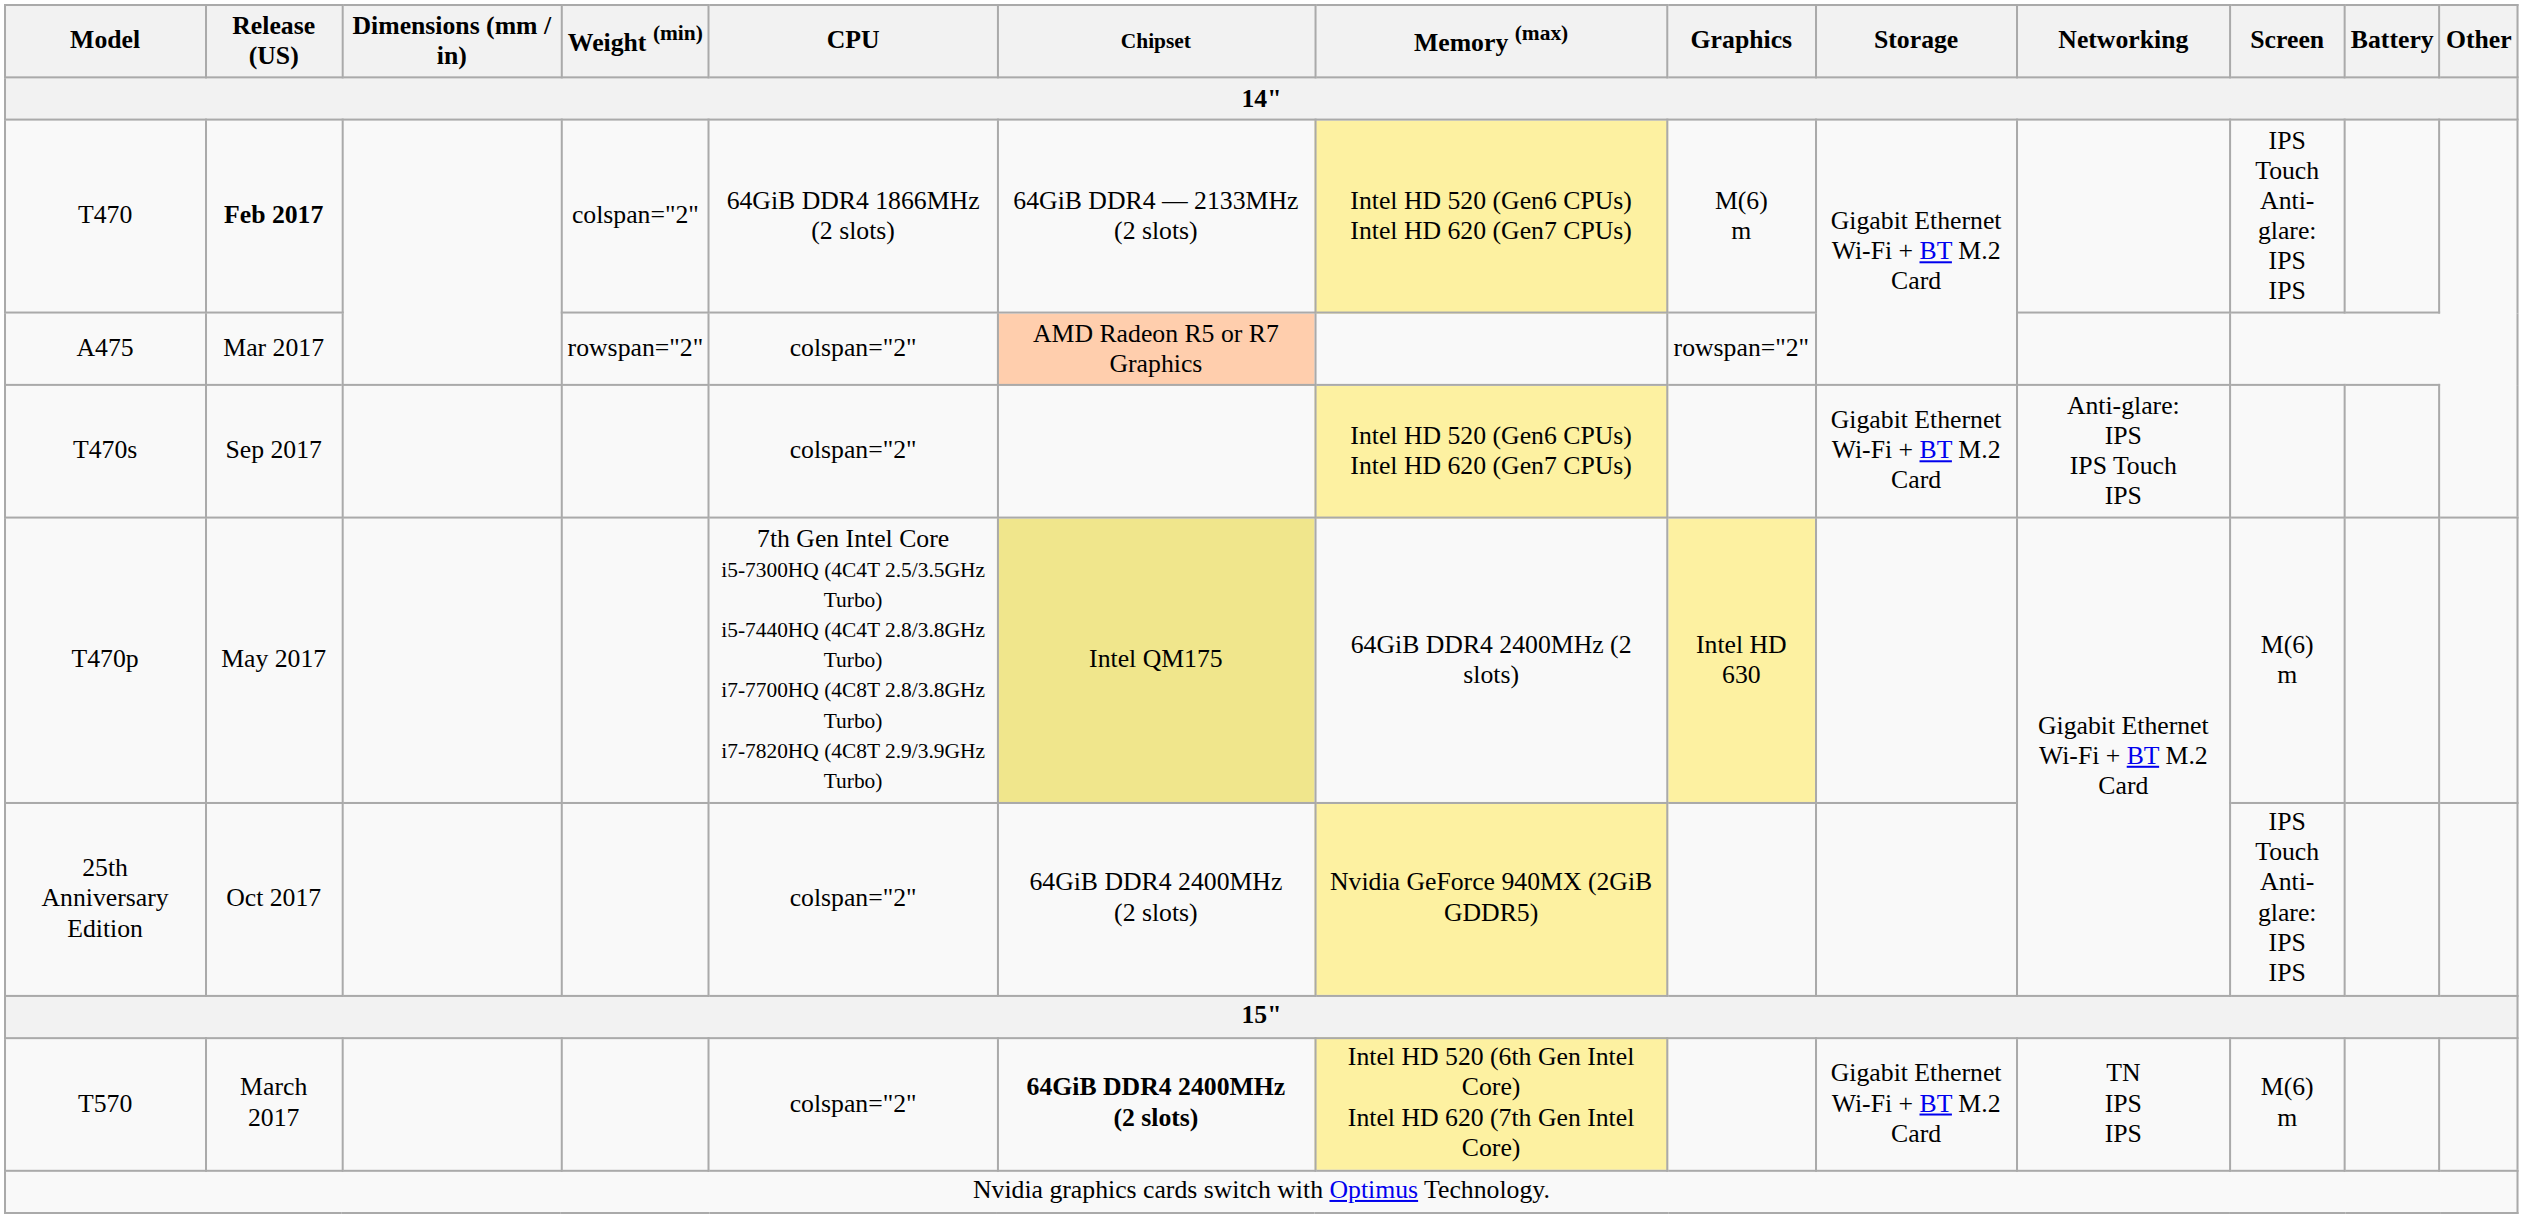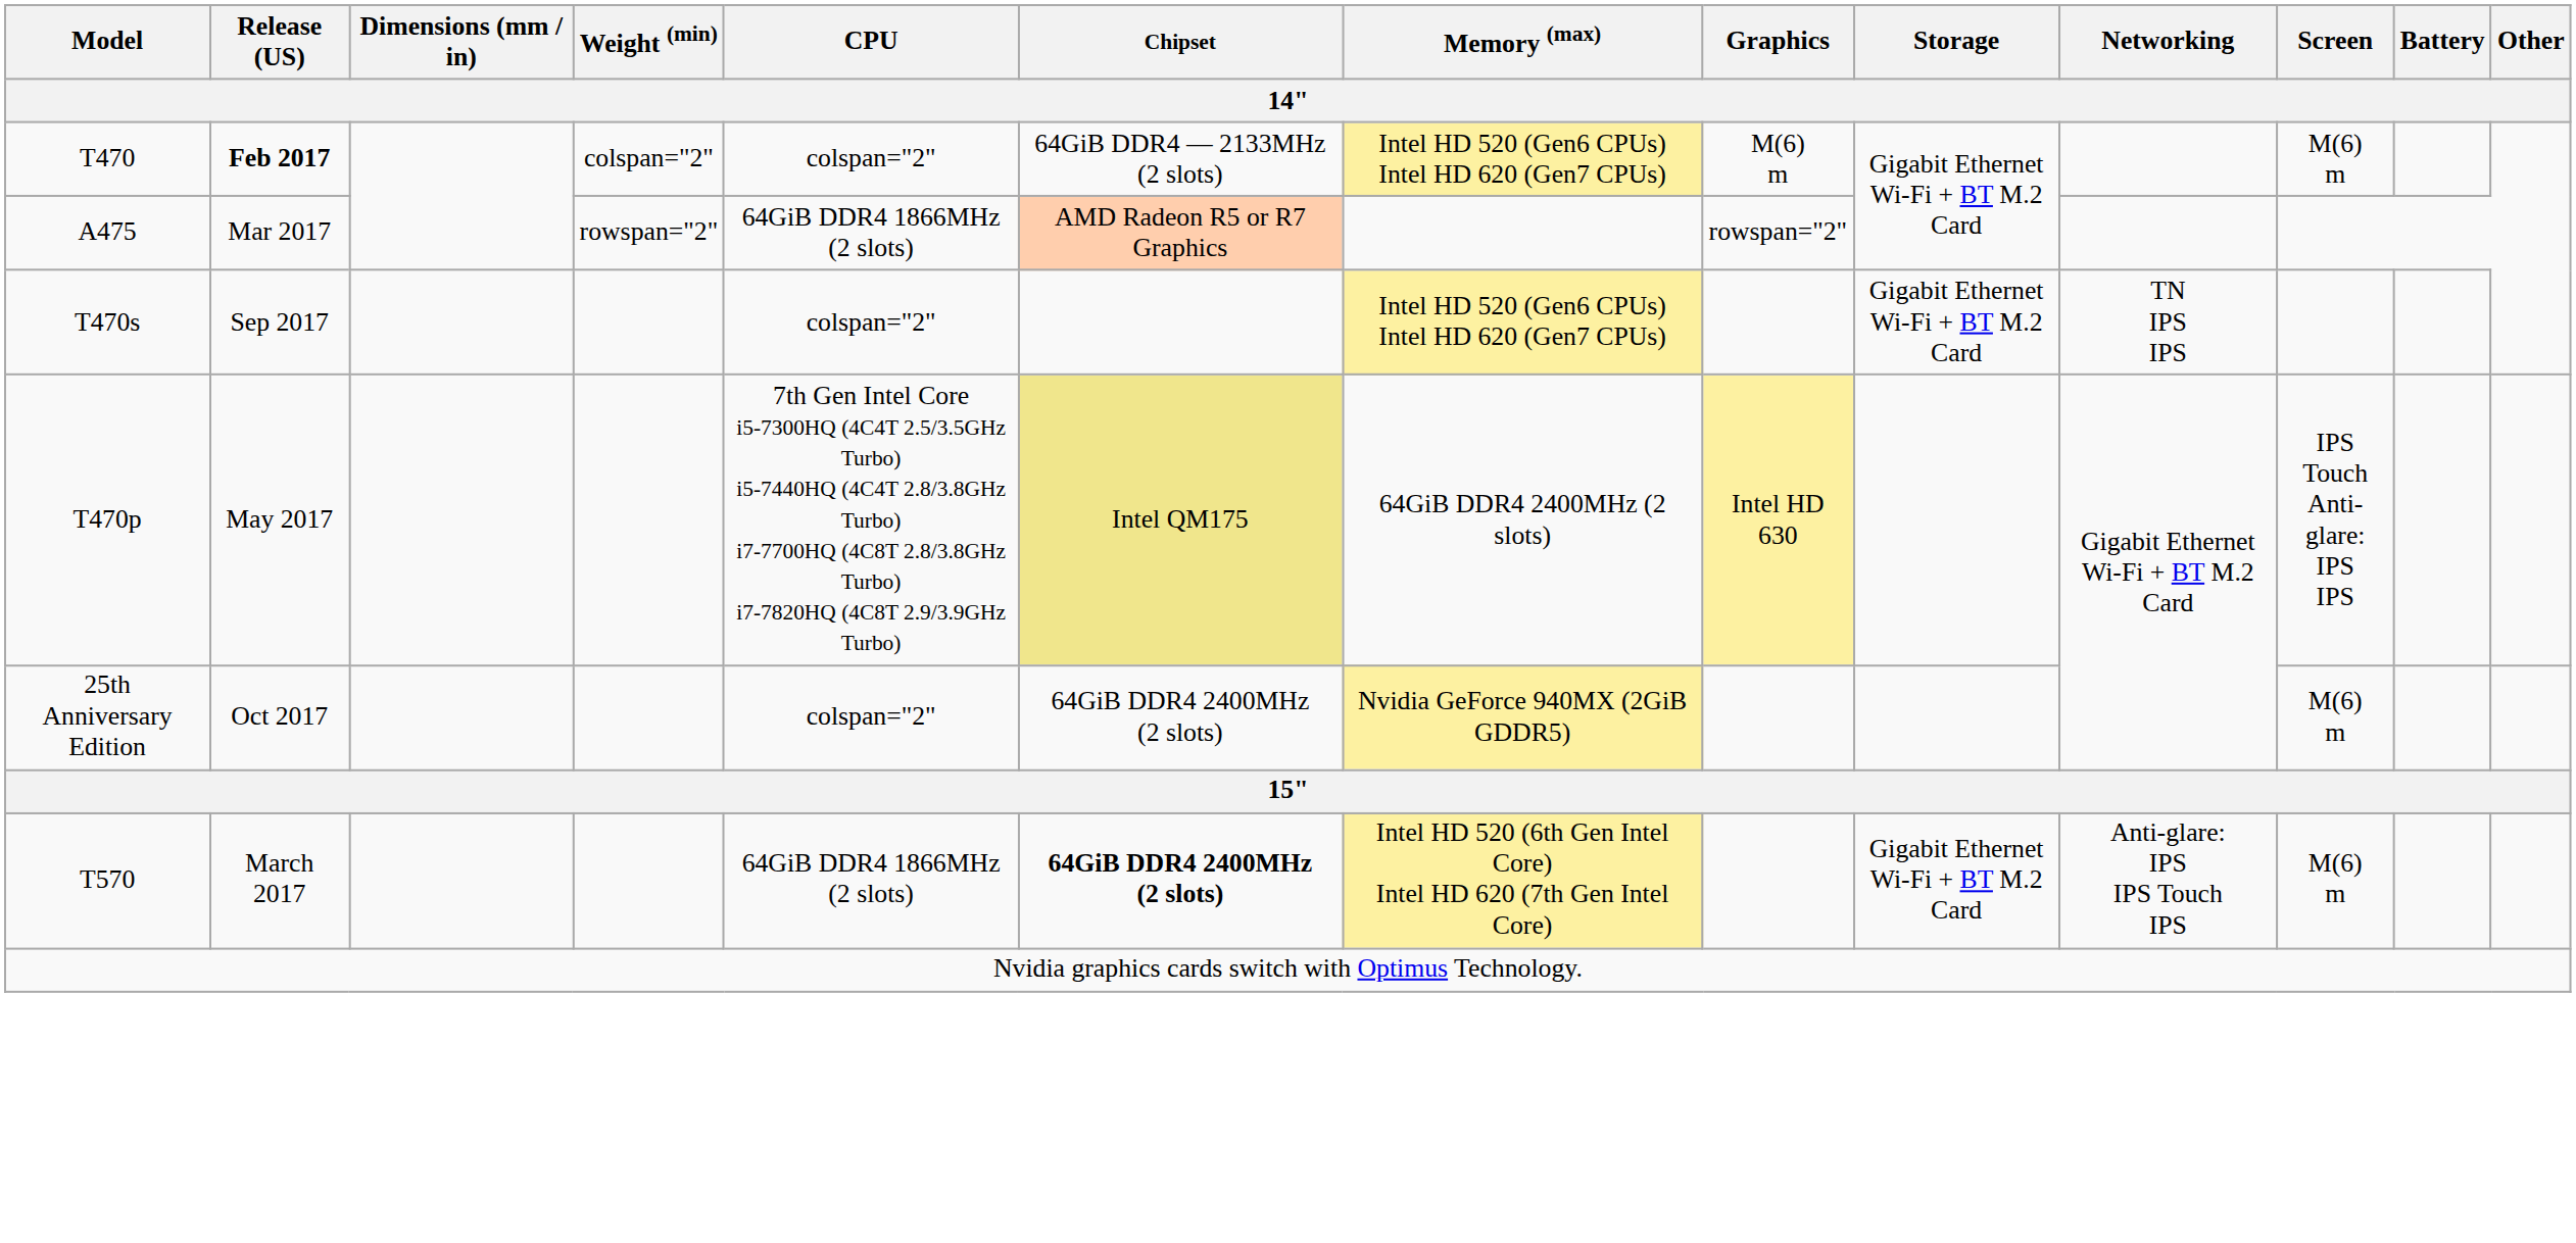 <table class="wikitable" style="font-size: 80%; text-align: center; min-width: 80%;">
 <tr>
 <th>Model</th>
 <th>Release (US)</th>
 <th>Dimensions (mm / in)</th>
 <th>Weight <sup>(min)</sup></th>
 <th>CPU</th>
 <th><small>Chipset</small></th>
 <th>Memory <sup>(max)</sup></th>
 <th>Graphics</th>
 <th>Storage</th>
 <th>Networking</th>
 <th>Screen</th>
 <th>Battery</th>
 <th>Other</th>
 </tr>
 <tr>
 <th colspan="13">14"</th>
 </tr>
 <tr>
 <td>T470</td>
 <td><strong>Feb 2017</strong></td>
 <td rowspan="2"></td>
 <td>colspan="2" </td>
-<td style="background:">64GiB DDR4 1866MHz<br> (2 slots)</td>
+<td>colspan="2" </td>
 <td style="background:">64GiB DDR4 — 2133MHz (2 slots)</td>
 <td style="background:#fdf1a1;">Intel HD 520 (Gen6 CPUs) <br> Intel HD 620 (Gen7 CPUs)<br></td>
 <td style="background:">M(6)<br>m</td>
 <td rowspan="2">Gigabit Ethernet<br>Wi-Fi + <a href='#'>BT</a> M.2 Card<br><small></small></td>
 <td></td>
-<td style="background:"> IPS Touch<br>Anti-glare:<br> IPS <br> IPS</td>
+<td style="background:">M(6)<br>m</td>
 <td></td>
 </tr>
 <tr>
 <td>A475</td>
 <td>Mar 2017</td>
 <td>rowspan="2" </td>
-<td>colspan="2" </td>
+<td style="background:">64GiB DDR4 1866MHz<br> (2 slots)</td>
 <td style="background:#ffcead;">AMD Radeon R5 or R7 Graphics</td>
 <td></td>
 <td>rowspan="2" </td>
 <td></td>
 </tr>
 <tr>
 <td>T470s</td>
 <td>Sep 2017</td>
 <td></td>
 <td></td>
 <td>colspan="2" </td>
 <td></td>
 <td style="background:#fdf1a1;">Intel HD 520 (Gen6 CPUs) <br> Intel HD 620 (Gen7 CPUs)</td>
 <td></td>
 <td>Gigabit Ethernet<br>Wi-Fi + <a href='#'>BT</a> M.2 Card<br><small></small></td>
-<td style="background:">Anti-glare: <br> IPS <br> IPS Touch <br> IPS</td>
+<td style="background:"> TN <br> IPS <br> IPS</td>
 <td></td>
 <td></td>
 </tr>
 <tr>
 <td>T470p</td>
 <td>May 2017</td>
 <td></td>
 <td></td>
 <td style="background:">7th Gen Intel Core <br><small> i5-7300HQ (4C4T 2.5/3.5GHz Turbo)<br> i5-7440HQ (4C4T 2.8/3.8GHz Turbo)<br> i7-7700HQ (4C8T 2.8/3.8GHz Turbo)<br> i7-7820HQ (4C8T 2.9/3.9GHz Turbo)</small></td>
 <td style="background: khaki;">Intel QM175</td>
 <td style="background:">64GiB DDR4 2400MHz (2 slots)</td>
 <td style="background:#fdf1a1;">Intel HD 630 <br></td>
 <td></td>
 <td rowspan="2">Gigabit Ethernet<br>Wi-Fi + <a href='#'>BT</a> M.2 Card<br><small></small></td>
-<td style="background:">M(6)<br>m</td>
+<td style="background:"> IPS Touch<br>Anti-glare:<br> IPS <br> IPS</td>
 <td></td>
 <td></td>
 </tr>
 <tr>
 <td>25th<br>Anniversary Edition</td>
 <td>Oct 2017</td>
 <td></td>
 <td></td>
 <td>colspan="2" </td>
 <td style="background:">64GiB DDR4 2400MHz <br> (2 slots)</td>
 <td style="background:#fdf1a1;">Nvidia GeForce 940MX (2GiB GDDR5)</td>
 <td></td>
 <td></td>
-<td style="background:"> IPS Touch<br>Anti-glare:<br> IPS <br> IPS</td>
+<td style="background:">M(6)<br>m</td>
 <td></td>
 </tr>
 <tr>
 <th colspan="13">15"</th>
 </tr>
 <tr>
 <td>T570</td>
 <td>March 2017</td>
 <td></td>
 <td></td>
-<td>colspan="2" </td>
+<td style="background:">64GiB DDR4 1866MHz<br> (2 slots)</td>
 <td style="background:"><strong>64GiB DDR4 2400MHz<br>(2 slots)</strong></td>
 <td style="background:#fdf1a1;">Intel HD 520 (6th Gen Intel Core)<br> Intel HD 620 (7th Gen Intel Core)<br></td>
 <td></td>
 <td>Gigabit Ethernet<br>Wi-Fi + <a href='#'>BT</a> M.2 Card<br><small></small></td>
-<td style="background:"> TN <br> IPS <br> IPS</td>
+<td style="background:">Anti-glare: <br> IPS <br> IPS Touch <br> IPS</td>
 <td style="background:">M(6)<br>m</td>
 <td></td>
 </tr>
 <tr>
 <td colspan="13">Nvidia graphics cards switch with <a href='#'>Optimus</a> Technology.</td>
 </tr>
 </table>
